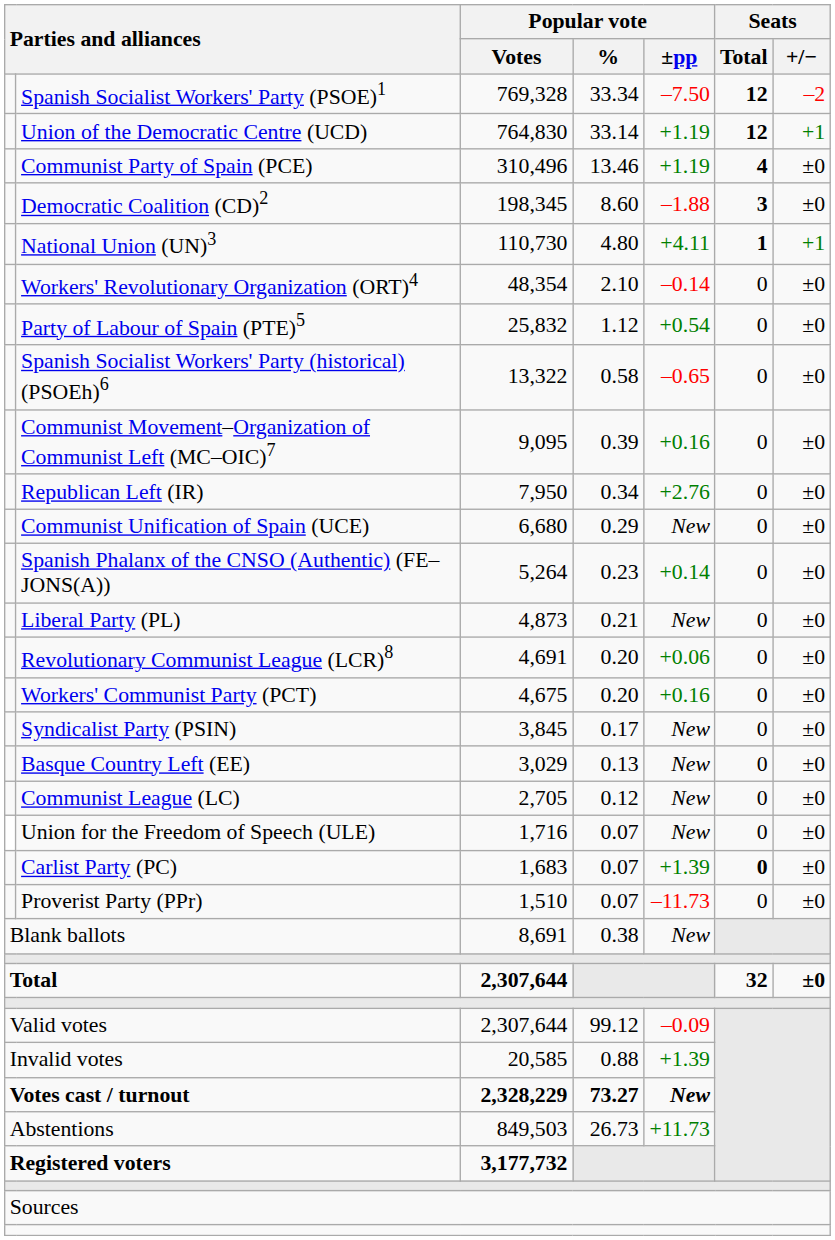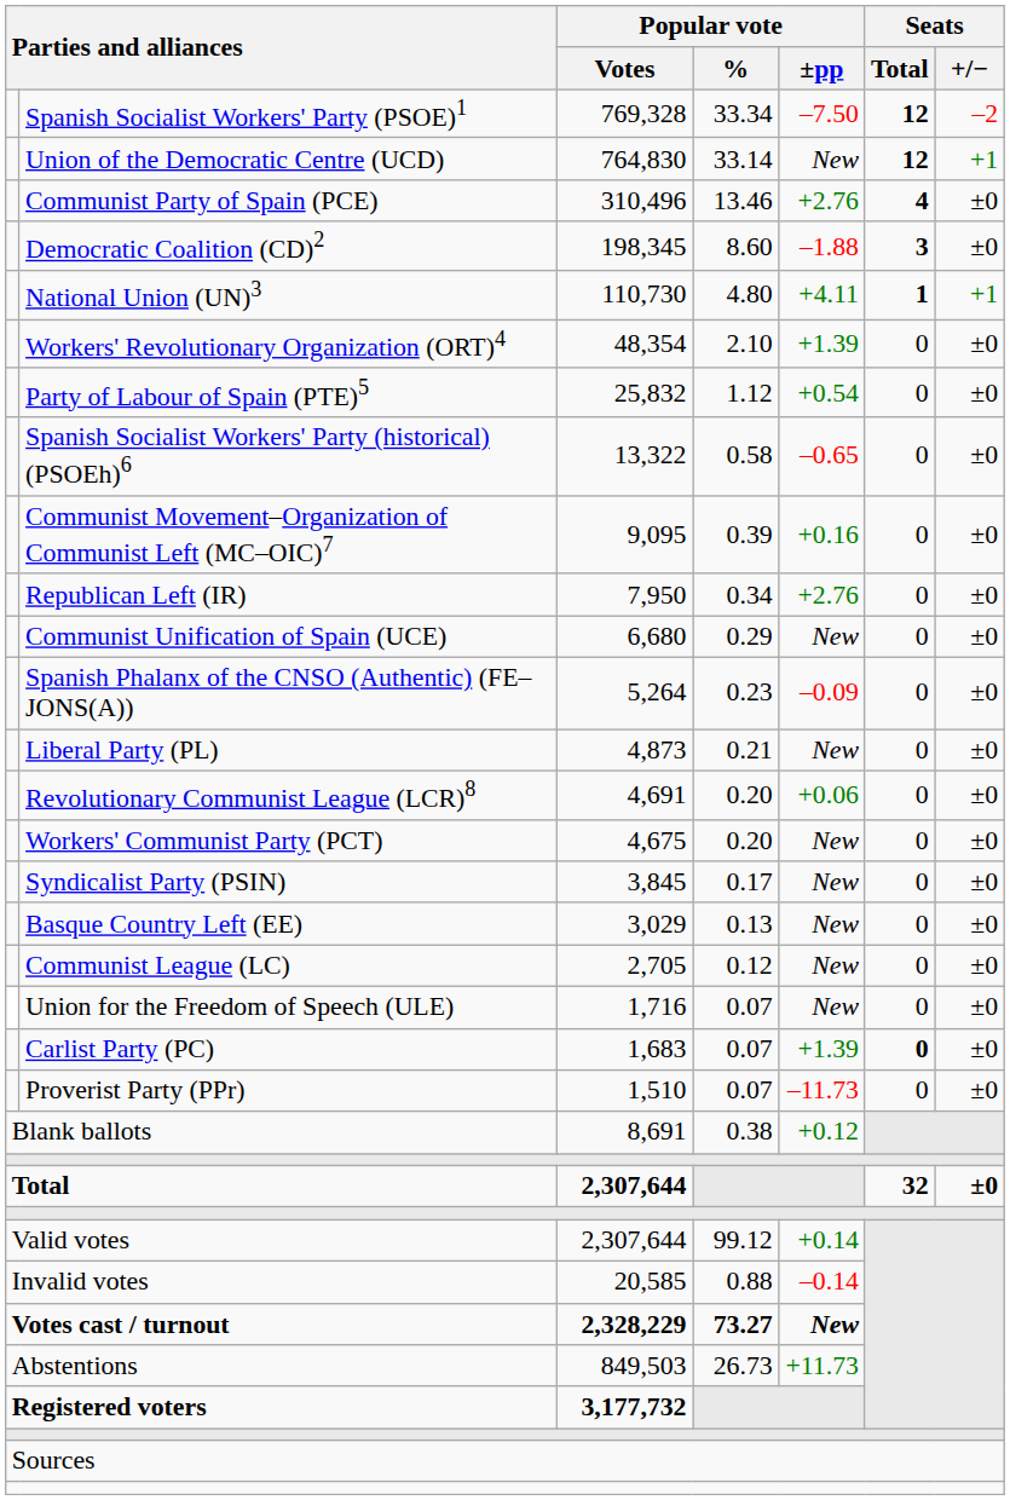 <table class="wikitable" style="text-align:right;">
 <tr>
 <th style="text-align:left;" rowspan="2" colspan="2" width="525">Parties and alliances</th>
 <th colspan="3">Popular vote</th>
 <th colspan="2">Seats</th>
 </tr>
 <tr>
 <th width="75">Votes</th>
 <th width="45">%</th>
 <th width="45">±<a href='#'>pp</a></th>
 <th width="35">Total</th>
 <th width="35">+/−</th>
 </tr>
 <tr>
 <td width="1" style="color:inherit;background:"></td>
 <td align="left"><a href='#'>Spanish Socialist Workers' Party</a> (PSOE)<sup>1</sup></td>
 <td>769,328</td>
 <td>33.34</td>
 <td style="color:red;">–7.50</td>
 <td><strong>12</strong></td>
 <td style="color:red;">–2</td>
 </tr>
 <tr>
 <td style="color:inherit;background:"></td>
 <td align="left"><a href='#'>Union of the Democratic Centre</a> (UCD)</td>
 <td>764,830</td>
 <td>33.14</td>
-<td style="color:green;">+1.19</td>
+<td><em>New</em></td>
 <td><strong>12</strong></td>
 <td style="color:green;">+1</td>
 </tr>
 <tr>
 <td style="color:inherit;background:"></td>
 <td align="left"><a href='#'>Communist Party of Spain</a> (PCE)</td>
 <td>310,496</td>
 <td>13.46</td>
-<td style="color:green;">+1.19</td>
+<td style="color:green;">+2.76</td>
 <td><strong>4</strong></td>
 <td>±0</td>
 </tr>
 <tr>
 <td style="color:inherit;background:"></td>
 <td align="left"><a href='#'>Democratic Coalition</a> (CD)<sup>2</sup></td>
 <td>198,345</td>
 <td>8.60</td>
 <td style="color:red;">–1.88</td>
 <td><strong>3</strong></td>
 <td>±0</td>
 </tr>
 <tr>
 <td style="color:inherit;background:"></td>
 <td align="left"><a href='#'>National Union</a> (UN)<sup>3</sup></td>
 <td>110,730</td>
 <td>4.80</td>
 <td style="color:green;">+4.11</td>
 <td><strong>1</strong></td>
 <td style="color:green;">+1</td>
 </tr>
 <tr>
 <td style="color:inherit;background:"></td>
 <td align="left"><a href='#'>Workers' Revolutionary Organization</a> (ORT)<sup>4</sup></td>
 <td>48,354</td>
 <td>2.10</td>
-<td style="color:red;">–0.14</td>
+<td style="color:green;">+1.39</td>
 <td>0</td>
 <td>±0</td>
 </tr>
 <tr>
 <td style="color:inherit;background:"></td>
 <td align="left"><a href='#'>Party of Labour of Spain</a> (PTE)<sup>5</sup></td>
 <td>25,832</td>
 <td>1.12</td>
 <td style="color:green;">+0.54</td>
 <td>0</td>
 <td>±0</td>
 </tr>
 <tr>
 <td style="color:inherit;background:"></td>
 <td align="left"><a href='#'>Spanish Socialist Workers' Party (historical)</a> (PSOEh)<sup>6</sup></td>
 <td>13,322</td>
 <td>0.58</td>
 <td style="color:red;">–0.65</td>
 <td>0</td>
 <td>±0</td>
 </tr>
 <tr>
 <td style="color:inherit;background:"></td>
 <td align="left"><a href='#'>Communist Movement</a>–<a href='#'>Organization of Communist Left</a> (MC–OIC)<sup>7</sup></td>
 <td>9,095</td>
 <td>0.39</td>
 <td style="color:green;">+0.16</td>
 <td>0</td>
 <td>±0</td>
 </tr>
 <tr>
 <td style="color:inherit;background:"></td>
 <td align="left"><a href='#'>Republican Left</a> (IR)</td>
 <td>7,950</td>
 <td>0.34</td>
 <td style="color:green;">+2.76</td>
 <td>0</td>
 <td>±0</td>
 </tr>
 <tr>
 <td style="color:inherit;background:"></td>
 <td align="left"><a href='#'>Communist Unification of Spain</a> (UCE)</td>
 <td>6,680</td>
 <td>0.29</td>
 <td><em>New</em></td>
 <td>0</td>
 <td>±0</td>
 </tr>
 <tr>
 <td style="color:inherit;background:"></td>
 <td align="left"><a href='#'>Spanish Phalanx of the CNSO (Authentic)</a> (FE–JONS(A))</td>
 <td>5,264</td>
 <td>0.23</td>
-<td style="color:green;">+0.14</td>
+<td style="color:red;">–0.09</td>
 <td>0</td>
 <td>±0</td>
 </tr>
 <tr>
 <td style="color:inherit;background:"></td>
 <td align="left"><a href='#'>Liberal Party</a> (PL)</td>
 <td>4,873</td>
 <td>0.21</td>
 <td><em>New</em></td>
 <td>0</td>
 <td>±0</td>
 </tr>
 <tr>
 <td style="color:inherit;background:"></td>
 <td align="left"><a href='#'>Revolutionary Communist League</a> (LCR)<sup>8</sup></td>
 <td>4,691</td>
 <td>0.20</td>
 <td style="color:green;">+0.06</td>
 <td>0</td>
 <td>±0</td>
 </tr>
 <tr>
 <td style="color:inherit;background:"></td>
 <td align="left"><a href='#'>Workers' Communist Party</a> (PCT)</td>
 <td>4,675</td>
 <td>0.20</td>
-<td style="color:green;">+0.16</td>
+<td><em>New</em></td>
 <td>0</td>
 <td>±0</td>
 </tr>
 <tr>
 <td style="color:inherit;background:"></td>
 <td align="left"><a href='#'>Syndicalist Party</a> (PSIN)</td>
 <td>3,845</td>
 <td>0.17</td>
 <td><em>New</em></td>
 <td>0</td>
 <td>±0</td>
 </tr>
 <tr>
 <td style="color:inherit;background:"></td>
 <td align="left"><a href='#'>Basque Country Left</a> (EE)</td>
 <td>3,029</td>
 <td>0.13</td>
 <td><em>New</em></td>
 <td>0</td>
 <td>±0</td>
 </tr>
 <tr>
 <td style="color:inherit;background:"></td>
 <td align="left"><a href='#'>Communist League</a> (LC)</td>
 <td>2,705</td>
 <td>0.12</td>
 <td><em>New</em></td>
 <td>0</td>
 <td>±0</td>
 </tr>
 <tr>
 <td bgcolor="white"></td>
 <td align="left">Union for the Freedom of Speech (ULE)</td>
 <td>1,716</td>
 <td>0.07</td>
 <td><em>New</em></td>
 <td>0</td>
 <td>±0</td>
 </tr>
 <tr>
 <td style="color:inherit;background:"></td>
 <td align="left"><a href='#'>Carlist Party</a> (PC)</td>
 <td>1,683</td>
 <td>0.07</td>
 <td style="color:green;">+1.39</td>
 <td><strong>0</strong></td>
 <td>±0</td>
 </tr>
 <tr>
 <td style="color:inherit;background:"></td>
 <td align="left">Proverist Party (PPr)</td>
 <td>1,510</td>
 <td>0.07</td>
 <td style="color:red;">–11.73</td>
 <td>0</td>
 <td>±0</td>
 </tr>
 <tr>
 <td align="left" colspan="2">Blank ballots</td>
 <td>8,691</td>
 <td>0.38</td>
-<td><em>New</em></td>
+<td style="color:green;">+0.12</td>
 <td bgcolor="#E9E9E9" colspan="2"></td>
 </tr>
 <tr>
 <td colspan="7" bgcolor="#E9E9E9"></td>
 </tr>
 <tr style="font-weight:bold;">
 <td align="left" colspan="2">Total</td>
 <td>2,307,644</td>
 <td bgcolor="#E9E9E9" colspan="2"></td>
 <td>32</td>
 <td>±0</td>
 </tr>
 <tr>
 <td colspan="7" bgcolor="#E9E9E9"></td>
 </tr>
 <tr>
 <td align="left" colspan="2">Valid votes</td>
 <td>2,307,644</td>
 <td>99.12</td>
-<td style="color:red;">–0.09</td>
+<td style="color:green;">+0.14</td>
 <td bgcolor="#E9E9E9" colspan="2" rowspan="5"></td>
 </tr>
 <tr>
 <td align="left" colspan="2">Invalid votes</td>
 <td>20,585</td>
 <td>0.88</td>
-<td style="color:green;">+1.39</td>
+<td style="color:red;">–0.14</td>
 </tr>
 <tr style="font-weight:bold;">
 <td align="left" colspan="2">Votes cast / turnout</td>
 <td>2,328,229</td>
 <td>73.27</td>
 <td><em>New</em></td>
 </tr>
 <tr>
 <td align="left" colspan="2">Abstentions</td>
 <td>849,503</td>
 <td>26.73</td>
 <td style="color:green;">+11.73</td>
 </tr>
 <tr style="font-weight:bold;">
 <td align="left" colspan="2">Registered voters</td>
 <td>3,177,732</td>
 <td bgcolor="#E9E9E9" colspan="2"></td>
 </tr>
 <tr>
 <td colspan="7" bgcolor="#E9E9E9"></td>
 </tr>
 <tr>
 <td align="left" colspan="7">Sources</td>
 </tr>
 <tr>
 <td colspan="7" style="text-align:left; max-width:790px;"></td>
 </tr>
 </table>
